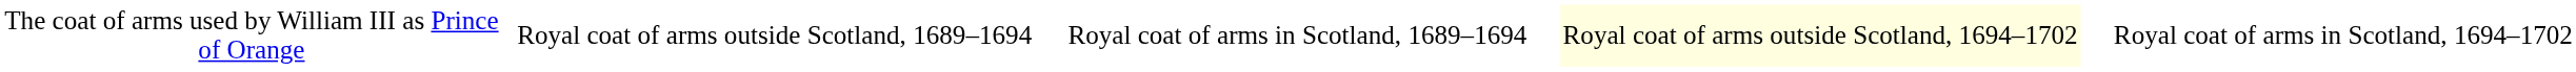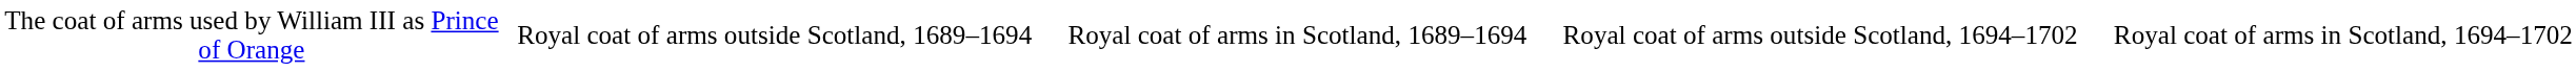 <table border="0" align="center" width="100%">
 <tr>
 <th width=20%></th>
 <th width=20%></th>
 <th width=20%></th>
 <th width=20%></th>
 <th width=20%></th>
 </tr>
 <tr>
 <td style="text-align: center">The coat of arms used by William III as <a href='#'>Prince of Orange</a></td>
 <td style="text-align: center">Royal coat of arms outside Scotland, 1689–1694</td>
 <td style="text-align: center">Royal coat of arms in Scotland, 1689–1694</td>
-<td style="background: lightyellow; text-align: center">Royal coat of arms outside Scotland, 1694–1702</td>
+<td style="text-align: center">Royal coat of arms outside Scotland, 1694–1702</td>
 <td style="text-align: center">Royal coat of arms in Scotland, 1694–1702</td>
 </tr>
 </table>
